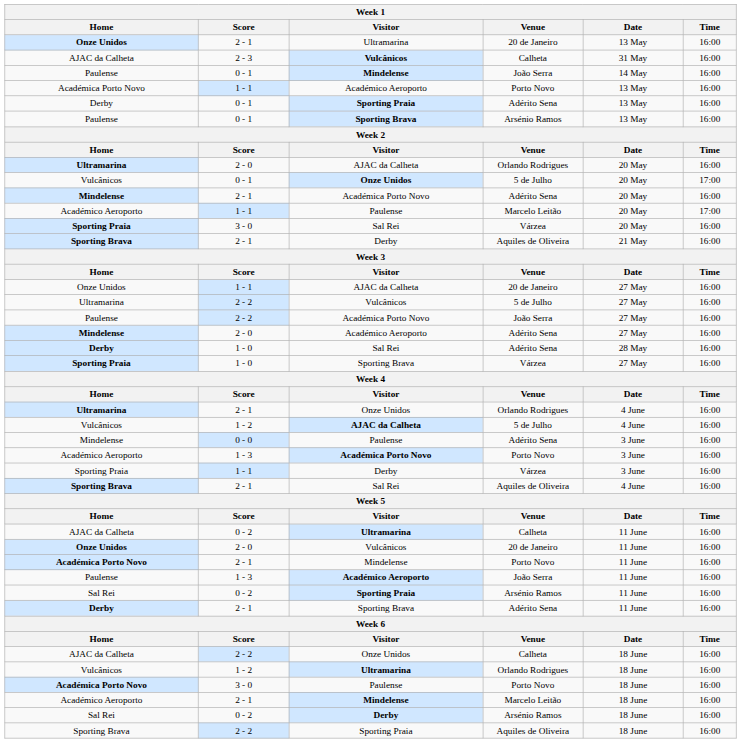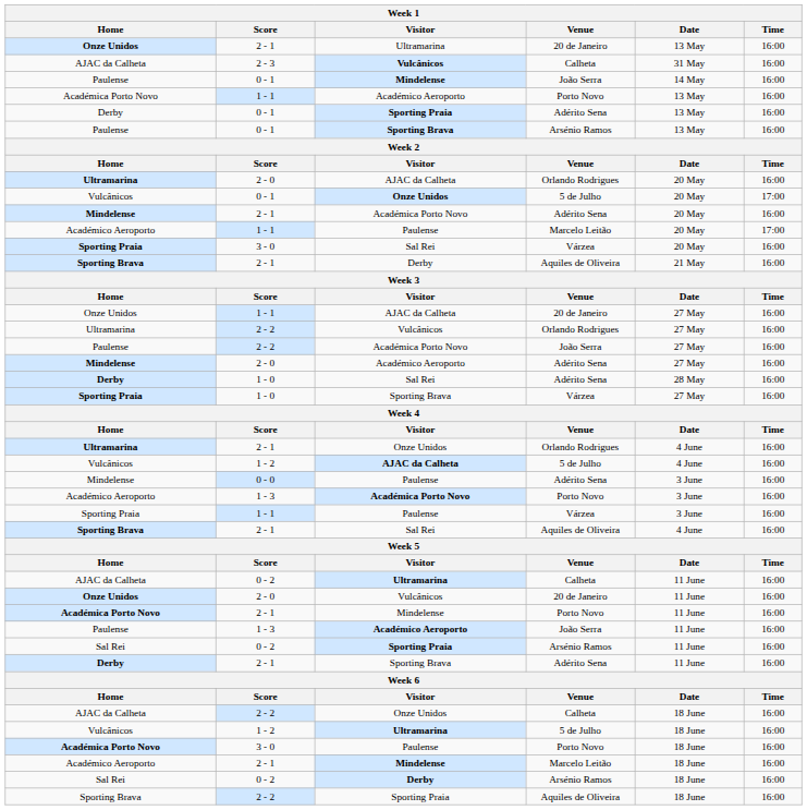 <table class="wikitable" style="font-size:95%; text-align: center; width: 95%; margin:1em auto;">
 <tr>
 <th colspan="12" style="with: 100%;" align=center>Week 1</th>
 </tr>
 <tr>
 <th width="200">Home</th>
 <th width="90">Score</th>
 <th width="200">Visitor</th>
 <th width="100">Venue</th>
 <th width="100">Date</th>
 <th width="50">Time</th>
 </tr>
 <tr align=center>
 <td bgcolor=#D0E7FF><strong>Onze Unidos</strong></td>
 <td>2 - 1</td>
 <td>Ultramarina</td>
 <td>20 de Janeiro</td>
 <td>13 May</td>
 <td>16:00</td>
 </tr>
 <tr align=center>
 <td>AJAC da Calheta</td>
 <td>2 - 3</td>
 <td bgcolor=#D0E7FF><strong>Vulcânicos</strong></td>
 <td>Calheta</td>
 <td>31 May</td>
 <td>16:00</td>
 </tr>
 <tr align=center>
 <td>Paulense</td>
 <td>0 - 1</td>
 <td bgcolor=#D0E7FF><strong>Mindelense</strong></td>
 <td>João Serra</td>
 <td>14 May</td>
 <td>16:00</td>
 </tr>
 <tr align=center>
 <td>Académica Porto Novo</td>
 <td bgcolor=#D0E7FF>1 - 1</td>
 <td>Académico Aeroporto</td>
 <td>Porto Novo</td>
 <td>13 May</td>
 <td>16:00</td>
 </tr>
 <tr align=center>
 <td>Derby</td>
 <td>0 - 1</td>
 <td bgcolor=#D0E7FF><strong>Sporting Praia</strong></td>
 <td>Adérito Sena</td>
 <td>13 May</td>
 <td>16:00</td>
 </tr>
 <tr align=center>
 <td>Paulense</td>
 <td>0 - 1</td>
 <td bgcolor=#D0E7FF><strong>Sporting Brava</strong></td>
 <td>Arsénio Ramos</td>
 <td>13 May</td>
 <td>16:00</td>
 </tr>
 <tr>
 <th colspan="12" style="with: 100%;" align=center>Week 2</th>
 </tr>
 <tr>
 <th width="200">Home</th>
 <th width="90">Score</th>
 <th width="200">Visitor</th>
 <th width="100">Venue</th>
 <th width="100">Date</th>
 <th width="50">Time</th>
 </tr>
 <tr align=center>
 <td bgcolor=#D0E7FF><strong>Ultramarina</strong></td>
 <td>2 - 0</td>
 <td>AJAC da Calheta</td>
 <td>Orlando Rodrigues</td>
 <td>20 May</td>
 <td>16:00</td>
 </tr>
 <tr align=center>
 <td>Vulcânicos</td>
 <td>0 - 1</td>
 <td bgcolor=#D0E7FF><strong>Onze Unidos</strong></td>
 <td>5 de Julho</td>
 <td>20 May</td>
 <td>17:00</td>
 </tr>
 <tr align=center>
 <td bgcolor=#D0E7FF><strong>Mindelense</strong></td>
 <td>2 - 1</td>
 <td>Académica Porto Novo</td>
 <td>Adérito Sena</td>
 <td>20 May</td>
 <td>16:00</td>
 </tr>
 <tr align=center>
 <td>Académico Aeroporto</td>
 <td bgcolor=#D0E7FF>1 - 1</td>
 <td>Paulense</td>
 <td>Marcelo Leitão</td>
 <td>20 May</td>
 <td>17:00</td>
 </tr>
 <tr align=center>
 <td bgcolor=#D0E7FF><strong>Sporting Praia</strong></td>
 <td>3 - 0</td>
 <td>Sal Rei</td>
 <td>Várzea</td>
 <td>20 May</td>
 <td>16:00</td>
 </tr>
 <tr align=center>
 <td bgcolor=#D0E7FF><strong>Sporting Brava</strong></td>
 <td>2 - 1</td>
 <td>Derby</td>
 <td>Aquiles de Oliveira</td>
 <td>21 May</td>
 <td>16:00</td>
 </tr>
 <tr>
 <th colspan="12" style="with: 100%;" align=center>Week 3</th>
 </tr>
 <tr>
 <th width="200">Home</th>
 <th width="90">Score</th>
 <th width="200">Visitor</th>
 <th width="100">Venue</th>
 <th width="100">Date</th>
 <th width="50">Time</th>
 </tr>
 <tr align=center>
 <td>Onze Unidos</td>
 <td bgcolor=#D0E7FF>1 - 1</td>
 <td>AJAC da Calheta</td>
 <td>20 de Janeiro</td>
 <td>27 May</td>
 <td>16:00</td>
 </tr>
 <tr align=center>
 <td>Ultramarina</td>
 <td bgcolor=#D0E7FF>2 - 2</td>
 <td>Vulcânicos</td>
-<td>5 de Julho</td>
+<td>Orlando Rodrigues</td>
 <td>27 May</td>
 <td>16:00</td>
 </tr>
 <tr align=center>
 <td>Paulense</td>
 <td bgcolor=#D0E7FF>2 - 2</td>
 <td>Académica Porto Novo</td>
 <td>João Serra</td>
 <td>27 May</td>
 <td>16:00</td>
 </tr>
 <tr align=center>
 <td bgcolor=#D0E7FF><strong>Mindelense</strong></td>
 <td>2 - 0</td>
 <td>Académico Aeroporto</td>
 <td>Adérito Sena</td>
 <td>27 May</td>
 <td>16:00</td>
 </tr>
 <tr align=center>
 <td bgcolor=#D0E7FF><strong>Derby</strong></td>
 <td>1 - 0</td>
 <td>Sal Rei</td>
 <td>Adérito Sena</td>
 <td>28 May</td>
 <td>16:00</td>
 </tr>
 <tr align=center>
 <td bgcolor=#D0E7FF><strong>Sporting Praia</strong></td>
 <td>1 - 0</td>
 <td>Sporting Brava</td>
 <td>Várzea</td>
 <td>27 May</td>
 <td>16:00</td>
 </tr>
 <tr>
 <th colspan="12" style="with: 100%;" align=center>Week 4</th>
 </tr>
 <tr>
 <th width="200">Home</th>
 <th width="90">Score</th>
 <th width="200">Visitor</th>
 <th width="100">Venue</th>
 <th width="100">Date</th>
 <th width="50">Time</th>
 </tr>
 <tr align=center>
 <td bgcolor=#D0E7FF><strong>Ultramarina</strong></td>
 <td>2 - 1</td>
 <td>Onze Unidos</td>
 <td>Orlando Rodrigues</td>
 <td>4 June</td>
 <td>16:00</td>
 </tr>
 <tr align=center>
 <td>Vulcânicos</td>
 <td>1 - 2</td>
 <td bgcolor=#D0E7FF><strong>AJAC da Calheta</strong></td>
 <td>5 de Julho</td>
 <td>4 June</td>
 <td>16:00</td>
 </tr>
 <tr align=center>
 <td>Mindelense</td>
 <td bgcolor=#D0E7FF>0 - 0</td>
 <td>Paulense</td>
 <td>Adérito Sena</td>
 <td>3 June</td>
 <td>16:00</td>
 </tr>
 <tr align=center>
 <td>Académico Aeroporto</td>
 <td>1 - 3</td>
 <td bgcolor=#D0E7FF><strong>Académica Porto Novo</strong></td>
 <td>Porto Novo</td>
 <td>3 June</td>
 <td>16:00</td>
 </tr>
 <tr align=center>
 <td>Sporting Praia</td>
 <td bgcolor=#D0E7FF>1 - 1</td>
-<td>Derby</td>
+<td>Paulense</td>
 <td>Várzea</td>
 <td>3 June</td>
 <td>16:00</td>
 </tr>
 <tr align=center>
 <td bgcolor=#D0E7FF><strong>Sporting Brava</strong></td>
 <td>2 - 1</td>
 <td>Sal Rei</td>
 <td>Aquiles de Oliveira</td>
 <td>4 June</td>
 <td>16:00</td>
 </tr>
 <tr>
 <th colspan="12" style="with: 100%;" align=center>Week 5</th>
 </tr>
 <tr>
 <th width="200">Home</th>
 <th width="90">Score</th>
 <th width="200">Visitor</th>
 <th width="100">Venue</th>
 <th width="100">Date</th>
 <th width="50">Time</th>
 </tr>
 <tr align=center>
 <td>AJAC da Calheta</td>
 <td>0 - 2</td>
 <td bgcolor=#D0E7FF><strong>Ultramarina</strong></td>
 <td>Calheta</td>
 <td>11 June</td>
 <td>16:00</td>
 </tr>
 <tr align=center>
 <td bgcolor=#D0E7FF><strong>Onze Unidos</strong></td>
 <td>2 - 0</td>
 <td>Vulcânicos</td>
 <td>20 de Janeiro</td>
 <td>11 June</td>
 <td>16:00</td>
 </tr>
 <tr align=center>
 <td bgcolor=#D0E7FF><strong>Académica Porto Novo</strong></td>
 <td>2 - 1</td>
 <td>Mindelense</td>
 <td>Porto Novo</td>
 <td>11 June</td>
 <td>16:00</td>
 </tr>
 <tr align=center>
 <td>Paulense</td>
 <td>1 - 3</td>
 <td bgcolor=#D0E7FF><strong>Académico Aeroporto</strong></td>
 <td>João Serra</td>
 <td>11 June</td>
 <td>16:00</td>
 </tr>
 <tr align=center>
 <td>Sal Rei</td>
 <td>0 - 2</td>
 <td bgcolor=#D0E7FF><strong>Sporting Praia</strong></td>
 <td>Arsénio Ramos</td>
 <td>11 June</td>
 <td>16:00</td>
 </tr>
 <tr align=center>
 <td bgcolor=#D0E7FF><strong>Derby</strong></td>
 <td>2 - 1</td>
 <td>Sporting Brava</td>
 <td>Adérito Sena</td>
 <td>11 June</td>
 <td>16:00</td>
 </tr>
 <tr>
 <th colspan="12" style="with: 100%;" align=center>Week 6</th>
 </tr>
 <tr>
 <th width="200">Home</th>
 <th width="90">Score</th>
 <th width="200">Visitor</th>
 <th width="100">Venue</th>
 <th width="100">Date</th>
 <th width="50">Time</th>
 </tr>
 <tr align=center>
 <td>AJAC da Calheta</td>
 <td bgcolor=#D0E7FF>2 - 2</td>
 <td>Onze Unidos</td>
 <td>Calheta</td>
 <td>18 June</td>
 <td>16:00</td>
 </tr>
 <tr align=center>
 <td>Vulcânicos</td>
 <td>1 - 2</td>
 <td bgcolor=#D0E7FF><strong>Ultramarina</strong></td>
-<td>Orlando Rodrigues</td>
+<td>5 de Julho</td>
 <td>18 June</td>
 <td>16:00</td>
 </tr>
 <tr align=center>
 <td bgcolor=#D0E7FF><strong>Académica Porto Novo</strong></td>
 <td>3 - 0</td>
 <td>Paulense</td>
 <td>Porto Novo</td>
 <td>18 June</td>
 <td>16:00</td>
 </tr>
 <tr align=center>
 <td>Académico Aeroporto</td>
 <td>2 - 1</td>
 <td bgcolor=#D0E7FF><strong>Mindelense</strong></td>
 <td>Marcelo Leitão</td>
 <td>18 June</td>
 <td>16:00</td>
 </tr>
 <tr align=center>
 <td>Sal Rei</td>
 <td>0 - 2</td>
 <td bgcolor=#D0E7FF><strong>Derby</strong></td>
 <td>Arsénio Ramos</td>
 <td>18 June</td>
 <td>16:00</td>
 </tr>
 <tr align=center>
 <td>Sporting Brava</td>
 <td bgcolor=#D0E7FF>2 - 2</td>
 <td>Sporting Praia</td>
 <td>Aquiles de Oliveira</td>
 <td>18 June</td>
 <td>16:00</td>
 </tr>
 </table>
